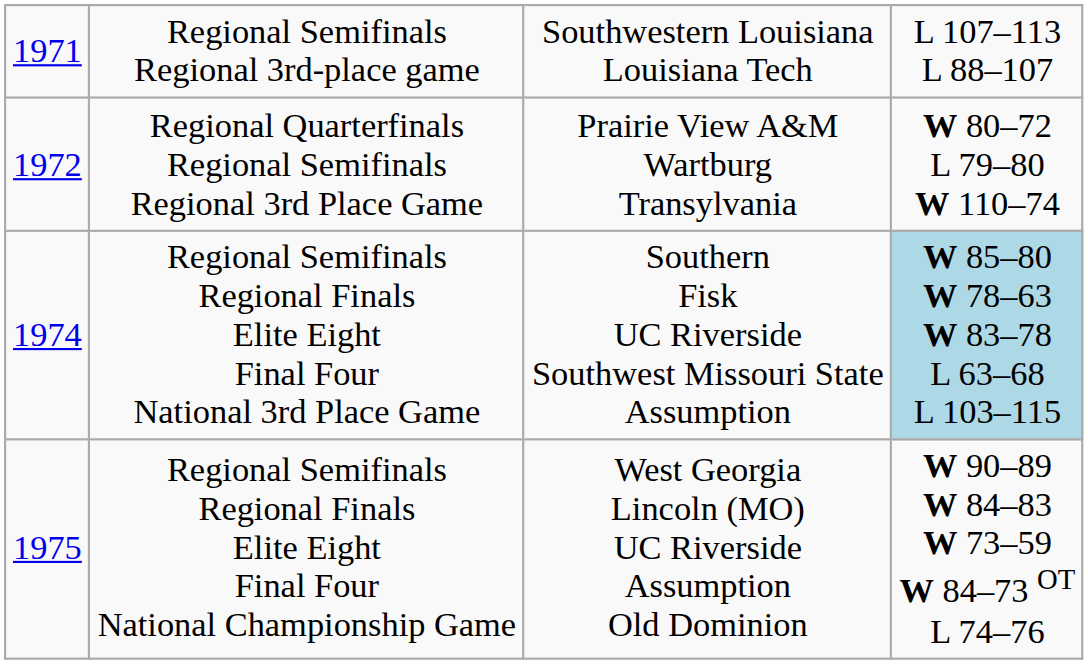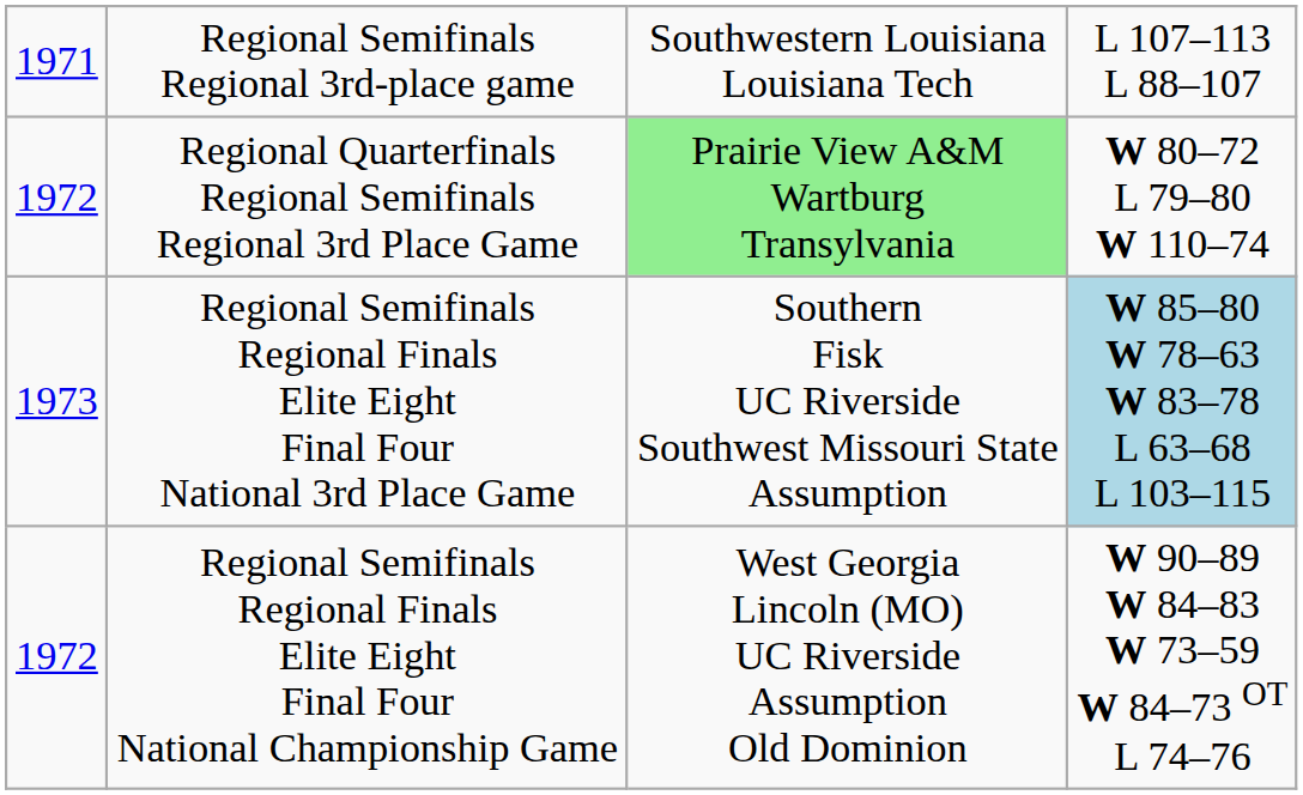 <table class="wikitable">
 <tr align="center">
 <td><a href='#'>1971</a></td>
 <td>Regional Semifinals<br>Regional 3rd-place game</td>
 <td>Southwestern Louisiana<br>Louisiana Tech</td>
 <td>L 107–113<br>L 88–107</td>
 </tr>
 <tr align="center">
 <td><a href='#'>1972</a></td>
 <td>Regional Quarterfinals<br>Regional Semifinals<br>Regional 3rd Place Game</td>
-<td>Prairie View A&M<br>Wartburg<br>Transylvania</td>
+<td style="background: lightgreen;">Prairie View A&M<br>Wartburg<br>Transylvania</td>
 <td><strong>W</strong> 80–72<br>L 79–80<br><strong>W</strong> 110–74</td>
 </tr>
 <tr align="center">
-<td><a href='#'>1974</a></td>
+<td><a href='#'>1973</a></td>
 <td>Regional Semifinals<br>Regional Finals<br>Elite Eight<br>Final Four<br>National 3rd Place Game</td>
 <td>Southern<br>Fisk<br>UC Riverside<br>Southwest Missouri State<br>Assumption</td>
 <td style="background: lightblue;"><strong>W</strong> 85–80<br><strong>W</strong> 78–63<br><strong>W</strong> 83–78<br>L 63–68<br>L 103–115</td>
 </tr>
 <tr align="center">
-<td><a href='#'>1975</a></td>
+<td><a href='#'>1972</a></td>
 <td>Regional Semifinals<br>Regional Finals<br>Elite Eight<br>Final Four<br>National Championship Game</td>
 <td>West Georgia<br>Lincoln (MO)<br>UC Riverside<br>Assumption<br>Old Dominion</td>
 <td><strong>W</strong> 90–89<br><strong>W</strong> 84–83<br><strong>W</strong> 73–59<br><strong>W</strong> 84–73 <sup>OT</sup><br>L 74–76</td>
 </tr>
 </table>
